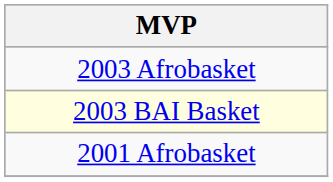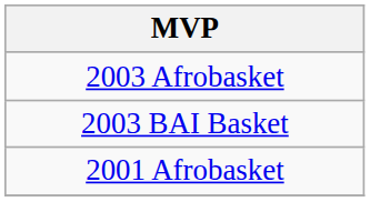 <table class="wikitable">
 <tr>
 <th width=185>MVP</th>
 </tr>
 <tr>
 <td align=center><a href='#'>2003 Afrobasket</a></td>
 </tr>
 <tr>
-<td align=center style="background: lightyellow;"><a href='#'>2003 BAI Basket</a></td>
+<td align=center><a href='#'>2003 BAI Basket</a></td>
 </tr>
 <tr>
 <td align=center><a href='#'>2001 Afrobasket</a></td>
 </tr>
 <tr>
 </tr>
 </table>
